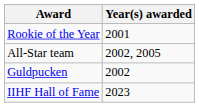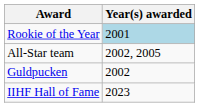 <table class="wikitable">
 <tr>
 <th>Award</th>
 <th>Year(s) awarded</th>
 </tr>
 <tr>
 <td><a href='#'>Rookie of the Year</a></td>
-<td>2001</td>
+<td style="background: lightblue;">2001</td>
 </tr>
 <tr>
 <td>All-Star team</td>
 <td>2002, 2005</td>
 </tr>
 <tr>
 <td><a href='#'>Guldpucken</a></td>
 <td>2002</td>
 </tr>
 <tr>
 <td><a href='#'>IIHF Hall of Fame</a></td>
 <td>2023</td>
 </tr>
 </table>
